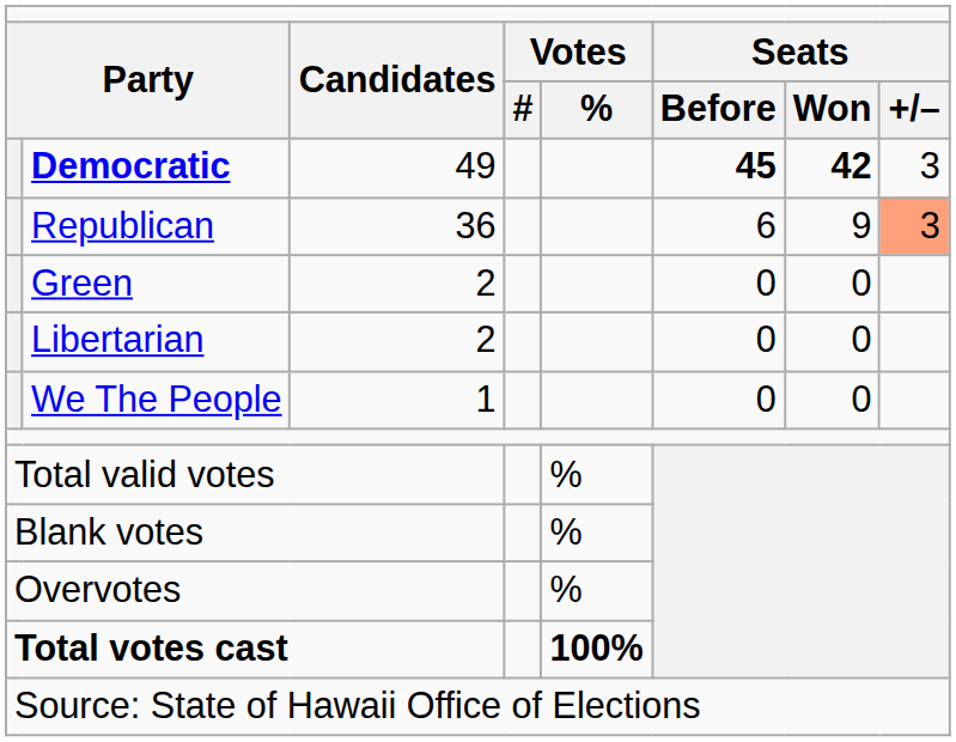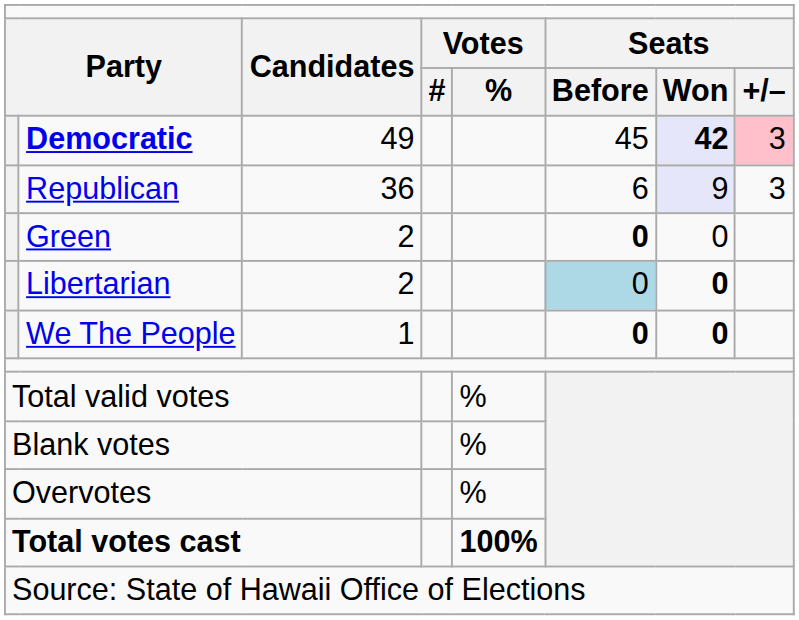 <table class="wikitable">
 <tr>
 <td colspan="13" align="center"></td>
 </tr>
 <tr>
 <th colspan="2" rowspan="3">Party</th>
 <th rowspan="3">Candidates</th>
 <th colspan="2">Votes</th>
 <th colspan="3" rowspan="2">Seats</th>
 </tr>
 <tr>
 <th rowspan="2">#</th>
 <th rowspan="2">%</th>
 </tr>
 <tr>
 <th>Before</th>
 <th>Won</th>
 <th>+/–</th>
 </tr>
 <tr>
 <th style="background-color:"></th>
 <td><a href='#'><strong>Democratic</strong></a></td>
 <td align="right">49</td>
 <td align="right"><strong> </strong></td>
 <td align="right"><strong> </strong></td>
-<td align="right"><strong>45</strong></td>
-<td align="right"><strong>42</strong></td>
-<td align="right"> 3</td>
+<td align="right">45</td>
+<td align="right" style="background: lavender;"><strong>42</strong></td>
+<td align="right" style="background: pink;"> 3</td>
 </tr>
 <tr>
 <th style="background-color:"></th>
 <td><a href='#'>Republican</a></td>
 <td align="right">36</td>
 <td align="right"></td>
 <td align="right"></td>
 <td align="right">6</td>
-<td align="right">9</td>
-<td align="right" style="background: lightsalmon;"> 3</td>
+<td align="right" style="background: lavender;">9</td>
+<td align="right"> 3</td>
 </tr>
 <tr>
 <th style="background-color:"></th>
 <td><a href='#'>Green</a></td>
 <td align="right">2</td>
 <td align="right"></td>
 <td align="right"></td>
-<td align="right">0</td>
+<td align="right"><strong>0</strong></td>
 <td align="right">0</td>
 <td align="right"></td>
 </tr>
 <tr>
 <th style="background-color:"></th>
 <td><a href='#'>Libertarian</a></td>
 <td align="right">2</td>
 <td align="right"></td>
 <td align="right"></td>
-<td align="right">0</td>
-<td align="right">0</td>
+<td align="right" style="background: lightblue;">0</td>
+<td align="right"><strong>0</strong></td>
 <td align="right"></td>
 </tr>
 <tr>
 <th style="background-color:"></th>
 <td><a href='#'>We The People</a></td>
 <td align="right">1</td>
 <td align="right"></td>
 <td align="right"></td>
-<td align="right">0</td>
-<td align="right">0</td>
+<td align="right"><strong>0</strong></td>
+<td align="right"><strong>0</strong></td>
 <td align="right"></td>
 </tr>
 <tr>
 <td colspan="8"></td>
 </tr>
 <tr>
 <td colspan="3">Total valid votes</td>
 <td></td>
 <td>%</td>
 <th colspan=3 rowspan=4></th>
 </tr>
 <tr>
 <td colspan="3">Blank votes</td>
 <td></td>
 <td>%</td>
 </tr>
 <tr>
 <td colspan="3">Overvotes</td>
 <td></td>
 <td>%</td>
 </tr>
 <tr>
 <td colspan="3"><strong>Total votes cast</strong></td>
 <td><strong> </strong></td>
 <td><strong>100%</strong></td>
 </tr>
 <tr>
 <td colspan="8">Source: State of Hawaii Office of Elections</td>
 </tr>
 </table>
